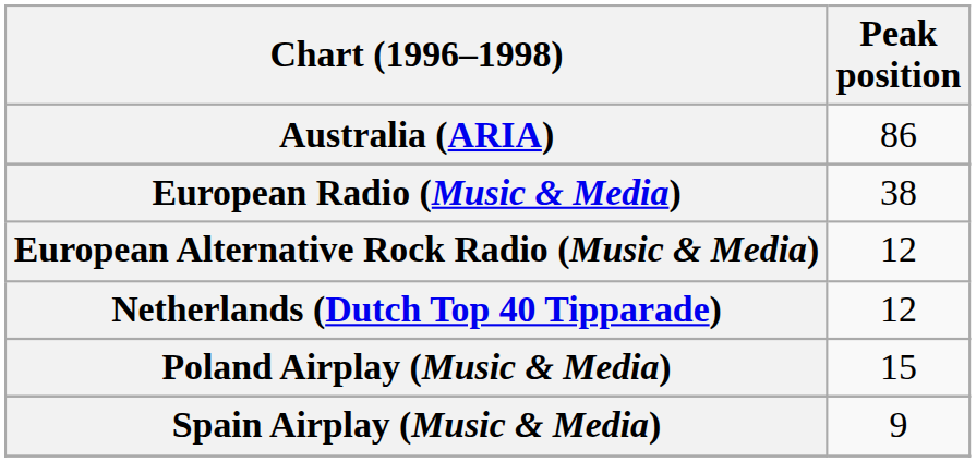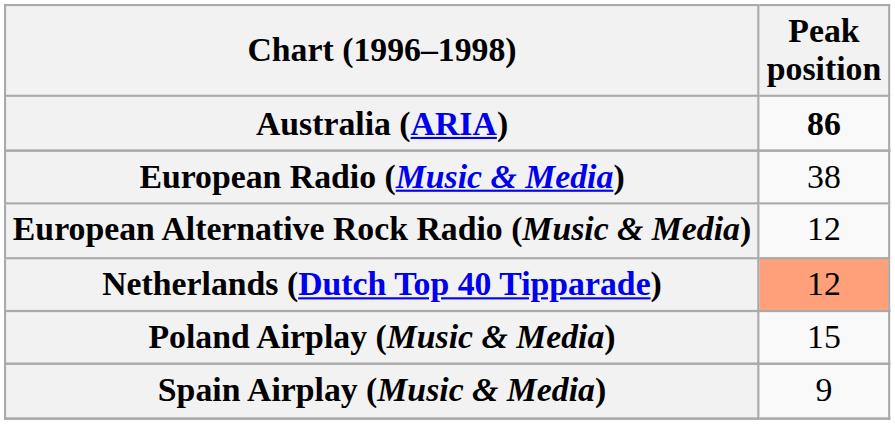 <table class="wikitable sortable plainrowheaders" style="text-align:center">
 <tr>
 <th>Chart (1996–1998)</th>
 <th>Peak<br>position</th>
 </tr>
 <tr>
 <th scope="row">Australia (<a href='#'>ARIA</a>)</th>
-<td>86</td>
+<td><strong>86</strong></td>
 </tr>
 <tr>
 </tr>
 <tr>
 </tr>
 <tr>
 </tr>
 <tr>
 <th scope="row">European Radio (<em><a href='#'>Music & Media</a></em>)</th>
 <td>38</td>
 </tr>
 <tr>
 <th scope="row">European Alternative Rock Radio (<em>Music & Media</em>)</th>
 <td>12</td>
 </tr>
 <tr>
 <th scope="row">Netherlands (<a href='#'>Dutch Top 40 Tipparade</a>)</th>
-<td>12</td>
+<td style="background: lightsalmon;">12</td>
 </tr>
 <tr>
 </tr>
 <tr>
 <th scope="row">Poland Airplay (<em>Music & Media</em>)</th>
 <td>15</td>
 </tr>
 <tr>
 </tr>
 <tr>
 <th scope="row">Spain Airplay (<em>Music & Media</em>)</th>
 <td>9</td>
 </tr>
 <tr>
 </tr>
 <tr>
 </tr>
 <tr>
 </tr>
 <tr>
 </tr>
 <tr>
 </tr>
 <tr>
 </tr>
 <tr>
 </tr>
 </table>
